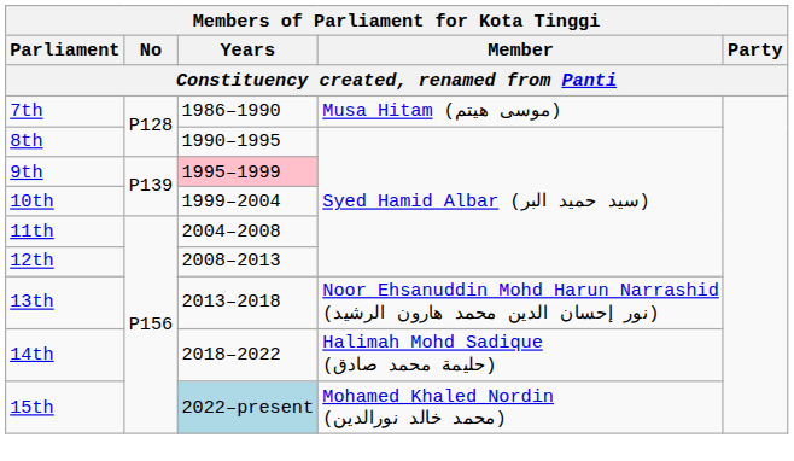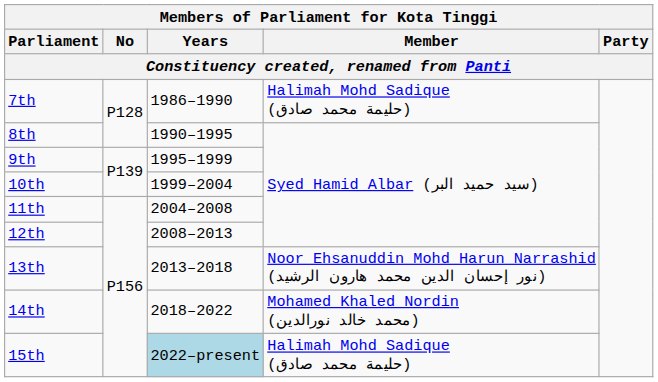 <table class=wikitable>
 <tr>
 <th colspan="5">Members of Parliament for Kota Tinggi</th>
 </tr>
 <tr>
 <th>Parliament</th>
 <th>No</th>
 <th>Years</th>
 <th>Member</th>
 <th>Party</th>
 </tr>
 <tr>
 <th colspan="5" align="center"><em>Constituency created, renamed from <a href='#'>Panti</a></em></th>
 </tr>
 <tr>
 <td><a href='#'>7th</a></td>
 <td rowspan="2">P128</td>
 <td>1986–1990</td>
-<td><a href='#'>Musa Hitam</a> (موسى هيتم‎)</td>
+<td><a href='#'>Halimah Mohd Sadique</a> <br> (حليمة محمد صادق‎)</td>
 <td rowspan="9"></td>
 </tr>
 <tr>
 <td><a href='#'>8th</a></td>
 <td>1990–1995</td>
 <td rowspan=5><a href='#'>Syed Hamid Albar</a>  (سيد حميد البر‎)</td>
 </tr>
 <tr>
 <td><a href='#'>9th</a></td>
 <td rowspan="2">P139</td>
-<td style="background: pink;">1995–1999</td>
+<td>1995–1999</td>
 </tr>
 <tr>
 <td><a href='#'>10th</a></td>
 <td>1999–2004</td>
 </tr>
 <tr>
 <td><a href='#'>11th</a></td>
 <td rowspan="5">P156</td>
 <td>2004–2008</td>
 </tr>
 <tr>
 <td><a href='#'>12th</a></td>
 <td>2008–2013</td>
 </tr>
 <tr>
 <td><a href='#'>13th</a></td>
 <td>2013–2018</td>
 <td><a href='#'>Noor Ehsanuddin Mohd Harun Narrashid</a>  <br>(نور إحسان الدين محمد هارون الرشيد)</td>
 </tr>
 <tr>
 <td><a href='#'>14th</a></td>
 <td>2018–2022</td>
-<td><a href='#'>Halimah Mohd Sadique</a> <br> (حليمة محمد صادق‎)</td>
+<td><a href='#'>Mohamed Khaled Nordin</a> <br> (محمد خالد نورالدين‎)</td>
 </tr>
 <tr>
 <td><a href='#'>15th</a></td>
 <td style="background: lightblue;">2022–present</td>
-<td><a href='#'>Mohamed Khaled Nordin</a> <br> (محمد خالد نورالدين‎)</td>
+<td><a href='#'>Halimah Mohd Sadique</a> <br> (حليمة محمد صادق‎)</td>
 </tr>
 </table>
